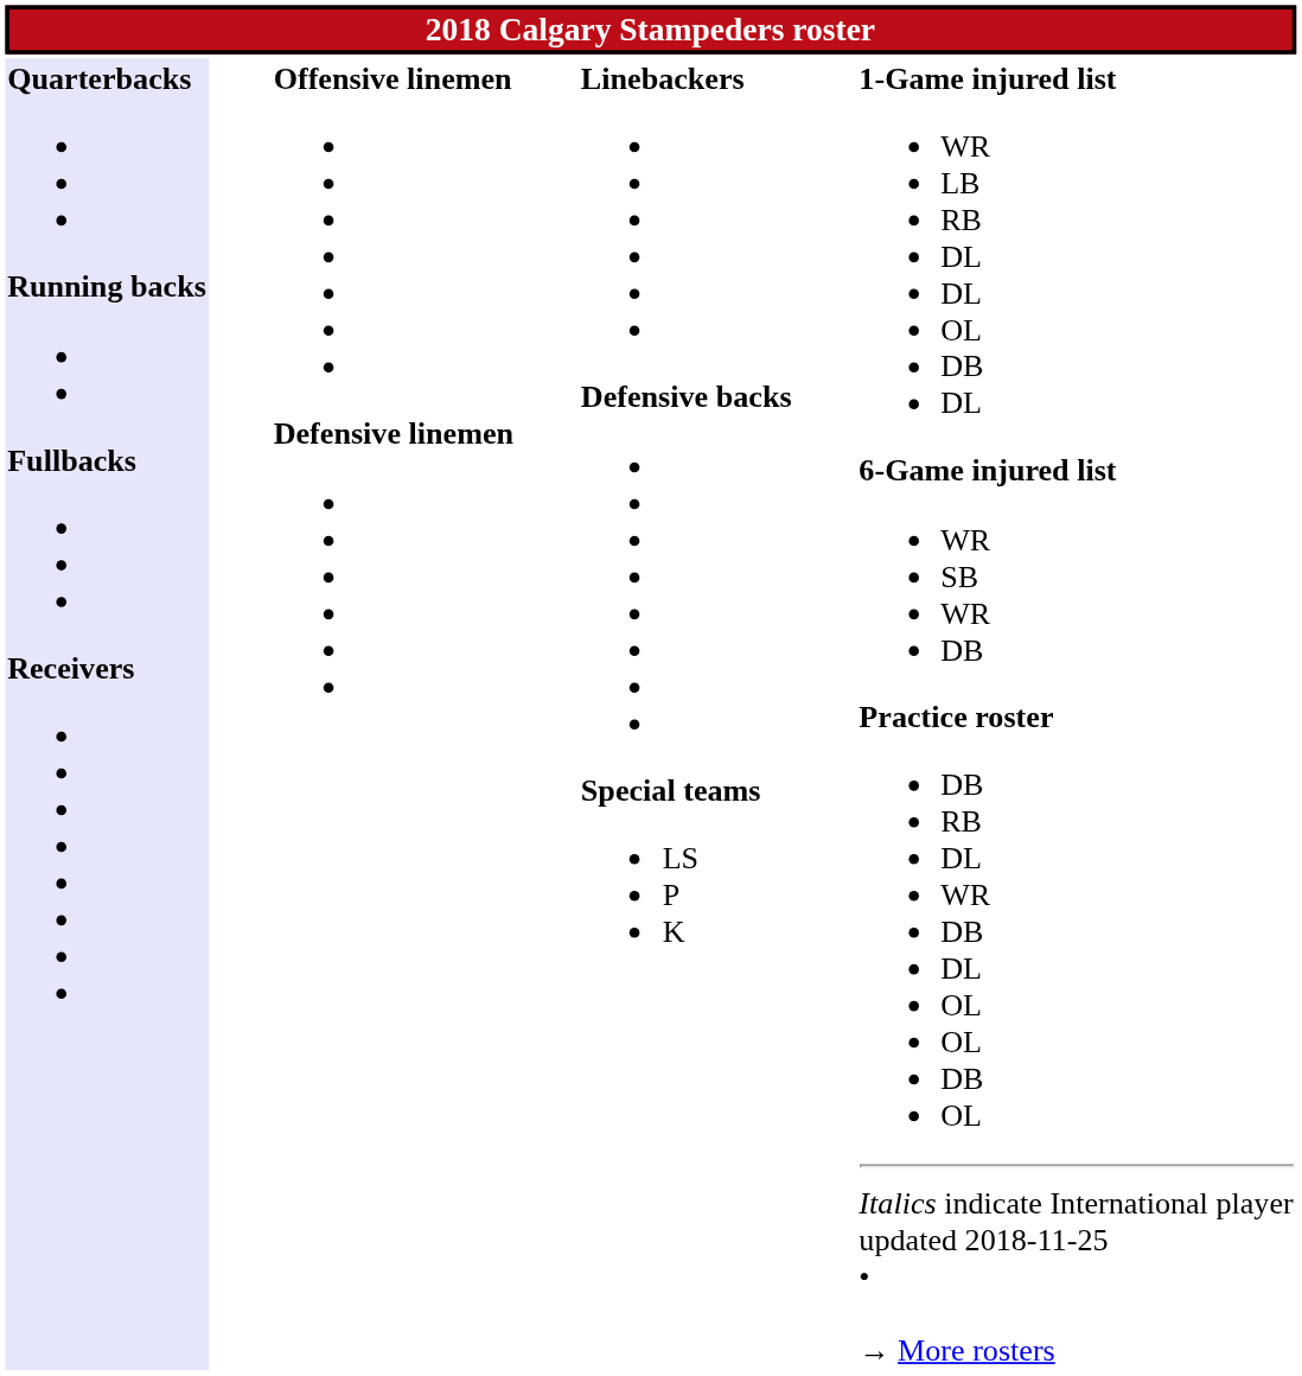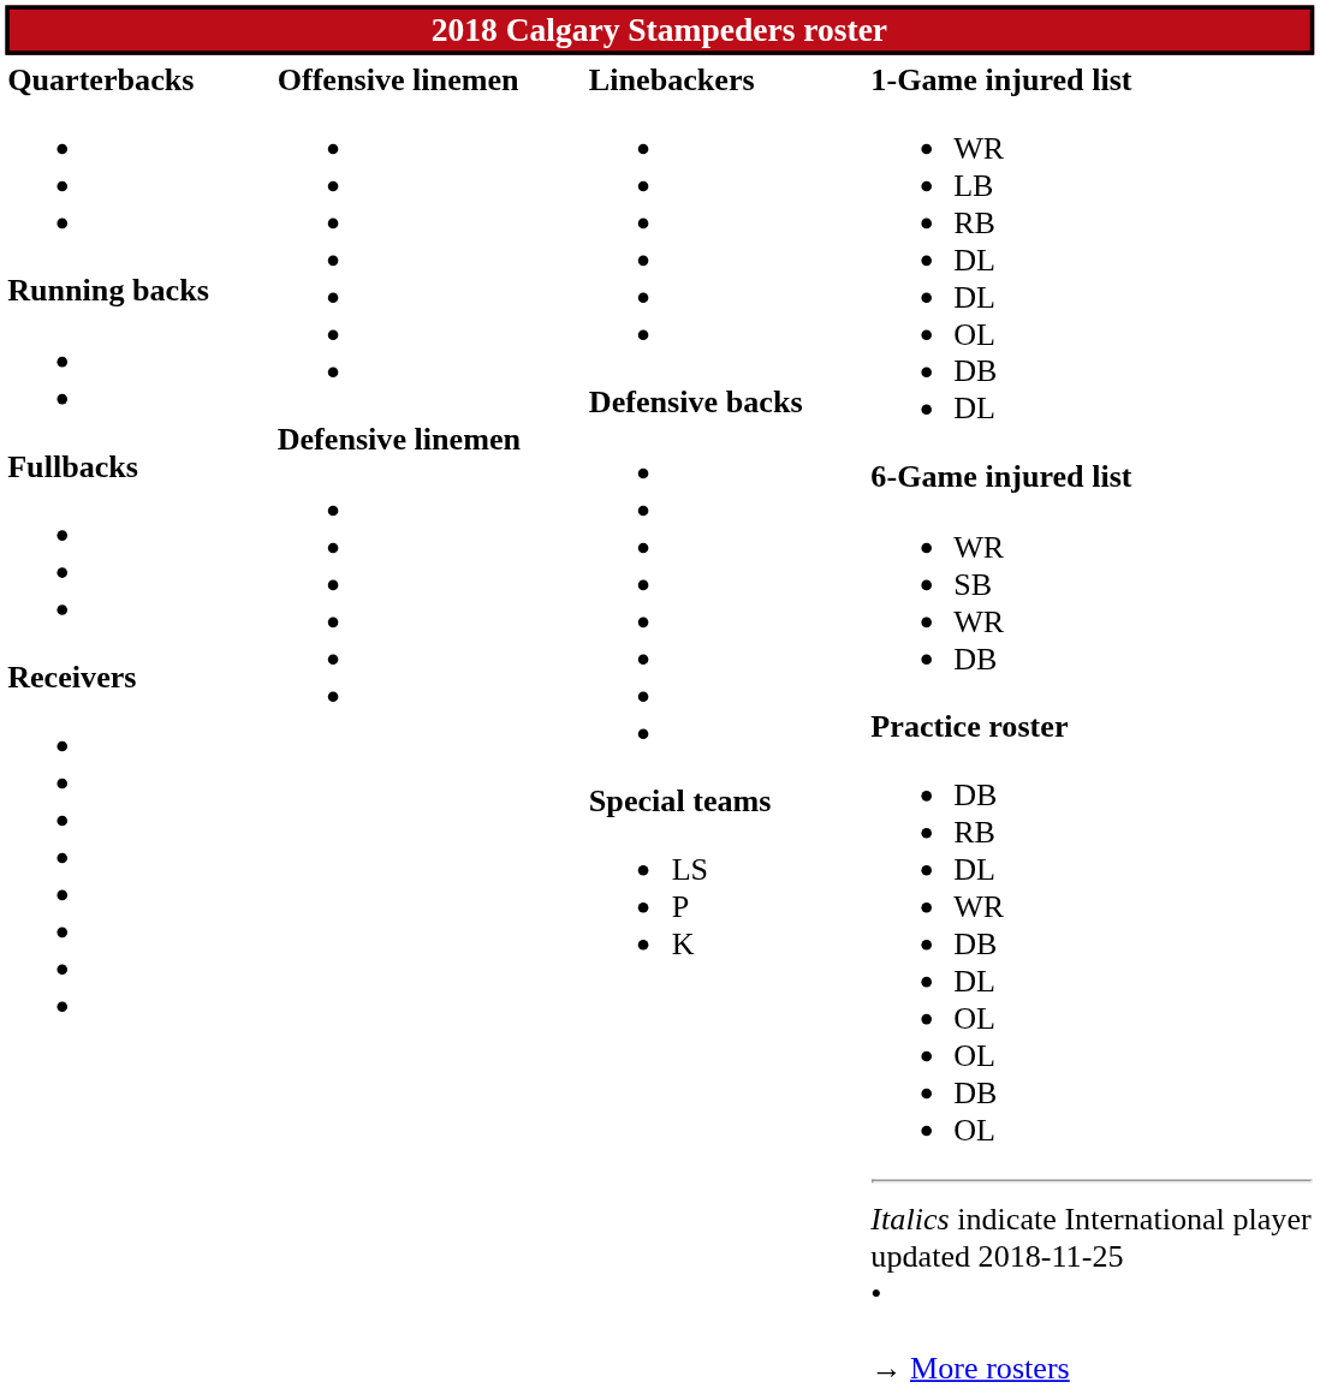 <table class="toccolours" style="text-align: left;">
 <tr>
 <th colspan="9" style="background-color: #BD0D18; color:white; border:2px solid black;text-align:center;">2018 Calgary Stampeders roster</th>
 </tr>
 <tr>
-<td style="background: lavender; font-size: 95%;vertical-align:top;"><strong>Quarterbacks</strong><br><ul><li></li><li></li><li></li></ul><strong>Running backs</strong><ul><li></li><li></li></ul><strong>Fullbacks</strong><ul><li></li><li></li><li></li></ul><strong>Receivers</strong><ul><li></li><li></li><li></li><li></li><li></li><li></li><li></li><li></li></ul></td>
+<td style="font-size: 95%;vertical-align:top;"><strong>Quarterbacks</strong><br><ul><li></li><li></li><li></li></ul><strong>Running backs</strong><ul><li></li><li></li></ul><strong>Fullbacks</strong><ul><li></li><li></li><li></li></ul><strong>Receivers</strong><ul><li></li><li></li><li></li><li></li><li></li><li></li><li></li><li></li></ul></td>
 <td style="width: 25px;"></td>
 <td style="font-size: 95%;vertical-align:top;"><strong>Offensive linemen</strong><br><ul><li></li><li></li><li></li><li></li><li></li><li></li><li></li></ul><strong>Defensive linemen</strong><ul><li></li><li></li><li></li><li></li><li></li><li></li></ul></td>
 <td style="width: 25px;"></td>
 <td style="font-size: 95%;vertical-align:top;"><strong>Linebackers</strong><br><ul><li></li><li></li><li></li><li></li><li></li><li></li></ul><strong>Defensive backs</strong><ul><li></li><li></li><li></li><li></li><li></li><li></li><li></li><li></li></ul><strong>Special teams</strong><ul><li> LS</li><li> P</li><li> K</li></ul></td>
 <td style="width: 25px;"></td>
 <td style="font-size: 95%;vertical-align:top;"><strong>1-Game injured list</strong><br><ul><li> WR</li><li> LB</li><li> RB</li><li> DL</li><li> DL</li><li> OL</li><li> DB</li><li> DL</li></ul><strong>6-Game injured list</strong><ul><li> WR</li><li> SB</li><li> WR</li><li> DB</li></ul><strong>Practice roster</strong><ul><li> DB</li><li> RB</li><li> DL</li><li> WR</li><li> DB</li><li> DL</li><li> OL</li><li> OL</li><li> DB</li><li> OL</li></ul><hr> <em>Italics</em> indicate International player<br> <span></span> updated 2018-11-25<br> <span></span> • <span></span><br> <br>→ <a href='#'>More rosters</a></td>
 </tr>
 <tr>
 </tr>
 </table>
